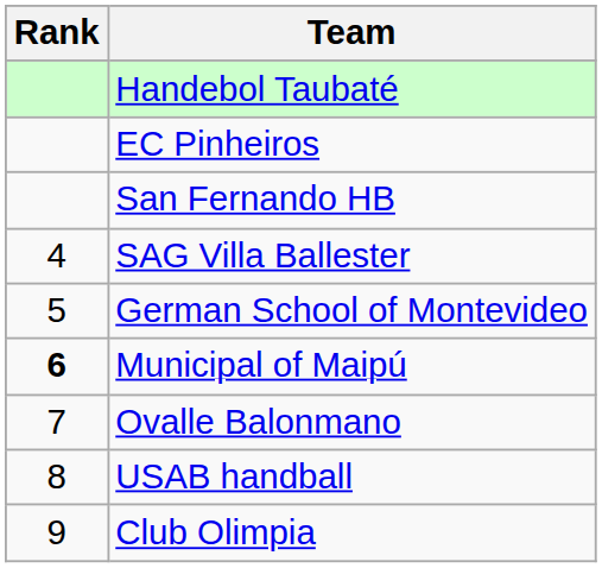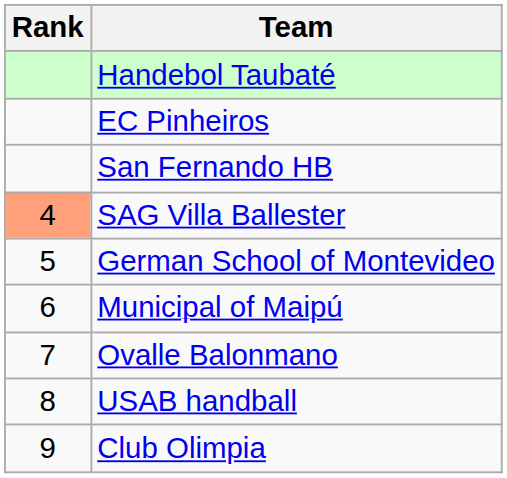 <table class="wikitable">
 <tr>
 <th>Rank</th>
 <th>Team</th>
 </tr>
 <tr bgcolor=ccffcc>
 <td align=center></td>
 <td> <a href='#'>Handebol Taubaté</a></td>
 </tr>
 <tr>
 <td align=center></td>
 <td> <a href='#'>EC Pinheiros</a></td>
 </tr>
 <tr>
 <td align=center></td>
 <td> <a href='#'>San Fernando HB</a></td>
 </tr>
 <tr>
-<td align=center>4</td>
+<td align=center style="background: lightsalmon;">4</td>
 <td> <a href='#'>SAG Villa Ballester</a></td>
 </tr>
 <tr>
 <td align=center>5</td>
 <td> <a href='#'>German School of Montevideo</a></td>
 </tr>
 <tr>
-<td align=center><strong>6</strong></td>
+<td align=center>6</td>
 <td> <a href='#'>Municipal of Maipú</a></td>
 </tr>
 <tr>
 <td align=center>7</td>
 <td> <a href='#'>Ovalle Balonmano</a></td>
 </tr>
 <tr>
 <td align=center>8</td>
 <td> <a href='#'>USAB handball</a></td>
 </tr>
 <tr>
 <td align=center>9</td>
 <td> <a href='#'>Club Olimpia</a></td>
 </tr>
 </table>
